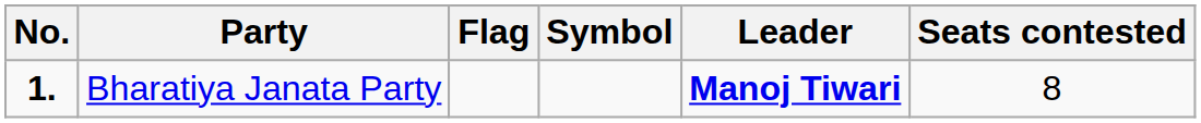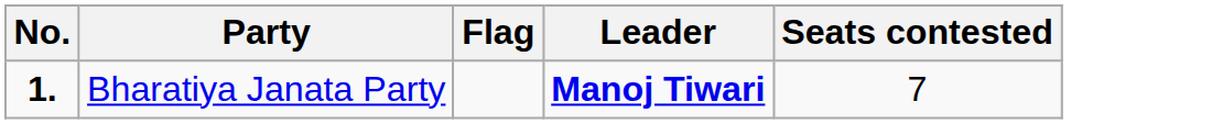 <table class="wikitable">
 <tr>
 <th>No.</th>
 <th>Party</th>
 <th>Flag</th>
-<th>Symbol</th>
 <th>Leader</th>
 <th>Seats contested</th>
 </tr>
 <tr>
 <td ! style="text-align:center; background:"><strong>1.</strong></td>
 <td style="text-align:center"><a href='#'>Bharatiya Janata Party</a></td>
 <td></td>
-<td></td>
 <td style="text-align:center"><strong><a href='#'>Manoj Tiwari</a></strong></td>
-<td style="text-align:center">8</td>
+<td style="text-align:center">7</td>
 </tr>
 </table>
